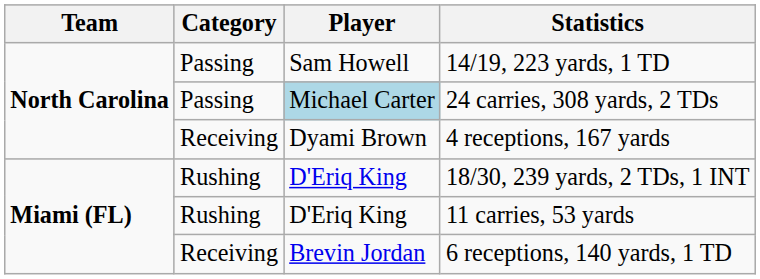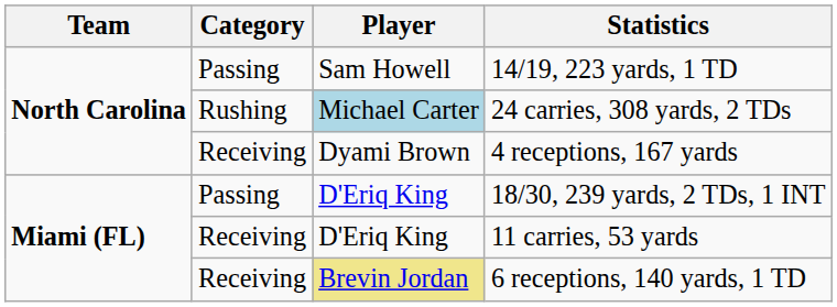 <table class="wikitable" style="float: left;">
 <tr>
 <th>Team</th>
 <th>Category</th>
 <th>Player</th>
 <th>Statistics</th>
 </tr>
 <tr>
 <td rowspan=3><strong>North Carolina</strong></td>
 <td>Passing</td>
 <td>Sam Howell</td>
 <td>14/19, 223 yards, 1 TD</td>
 </tr>
 <tr>
-<td>Passing</td>
+<td>Rushing</td>
 <td style="background: lightblue;">Michael Carter</td>
 <td>24 carries, 308 yards, 2 TDs</td>
 </tr>
 <tr>
 <td>Receiving</td>
 <td>Dyami Brown</td>
 <td>4 receptions, 167 yards</td>
 </tr>
 <tr>
 <td rowspan=3><strong>Miami (FL)</strong></td>
-<td>Rushing</td>
+<td>Passing</td>
 <td><a href='#'>D'Eriq King</a></td>
 <td>18/30, 239 yards, 2 TDs, 1 INT</td>
 </tr>
 <tr>
-<td>Rushing</td>
+<td>Receiving</td>
 <td>D'Eriq King</td>
 <td>11 carries, 53 yards</td>
 </tr>
 <tr>
 <td>Receiving</td>
-<td><a href='#'>Brevin Jordan</a></td>
+<td style="background: khaki;"><a href='#'>Brevin Jordan</a></td>
 <td>6 receptions, 140 yards, 1 TD</td>
 </tr>
 </table>
